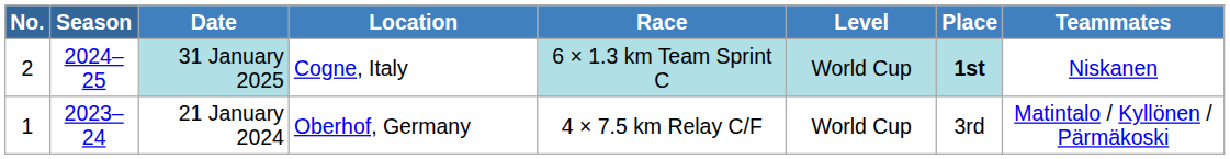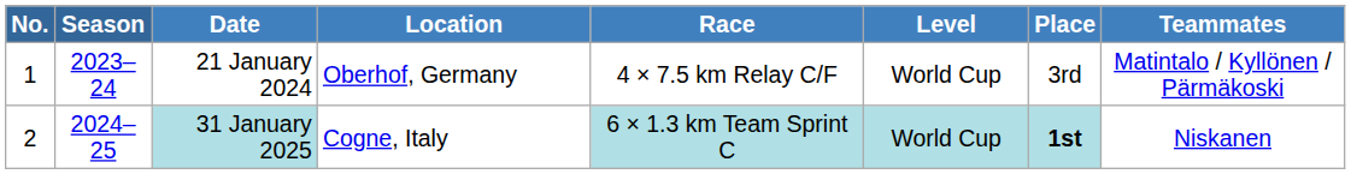 <table class="wikitable sortable" style="font-size:95%; text-align:center; border:grey solid 1px; border-collapse:collapse; background:#ffffff;">
 <tr style="background:#efefef;">
 <th style="background-color:#369; color:white;">No.</th>
 <th style="background-color:#369; color:white;">Season</th>
 <th style="background-color:#4180be; color:white; width:100px;">Date</th>
 <th style="background-color:#4180be; color:white; width:170px;">Location</th>
 <th style="background-color:#4180be; color:white; width:170px;">Race</th>
 <th style="background-color:#4180be; color:white; width:100px;">Level</th>
 <th style="background-color:#4180be; color:white;">Place</th>
 <th style="background-color:#4180be; color:white;">Teammates</th>
 </tr>
 <tr>
+<td align=center>1</td>
+<td rowspan=1 align=center><a href='#'>2023–24</a></td>
+<td align=right>21 January 2024</td>
+<td align=left> <a href='#'>Oberhof</a>, Germany</td>
+<td>4 × 7.5 km Relay C/F</td>
+<td>World Cup</td>
+<td>3rd</td>
+<td><a href='#'>Matintalo</a> / <a href='#'>Kyllönen</a> / <a href='#'>Pärmäkoski</a></td>
+</tr>
+<tr>
 <td align=center>2</td>
 <td rowspan=1 align=center><a href='#'>2024–25</a></td>
 <td bgcolor="#BOEOE6" align=right>31 January 2025</td>
 <td align=left> <a href='#'>Cogne</a>, Italy</td>
 <td bgcolor="#BOEOE6">6 × 1.3 km Team Sprint C</td>
 <td bgcolor="#BOEOE6">World Cup</td>
 <td bgcolor="#BOEOE6"><strong>1st</strong></td>
 <td><a href='#'>Niskanen</a></td>
 </tr>
-<tr>
-<td align=center>1</td>
-<td rowspan=1 align=center><a href='#'>2023–24</a></td>
-<td align=right>21 January 2024</td>
-<td align=left> <a href='#'>Oberhof</a>, Germany</td>
-<td>4 × 7.5 km Relay C/F</td>
-<td>World Cup</td>
-<td>3rd</td>
-<td><a href='#'>Matintalo</a> / <a href='#'>Kyllönen</a> / <a href='#'>Pärmäkoski</a></td>
-</tr>
 </table>
